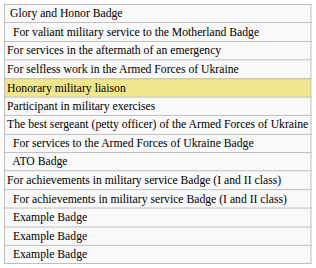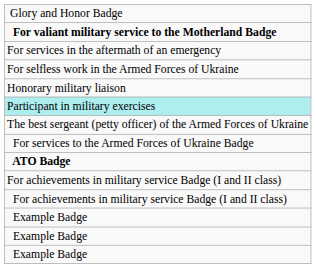 <table class="wikitable">
 <tr>
 <td> Glory and Honor Badge</td>
 </tr>
 <tr>
-<td>  For valiant military service to the Motherland Badge</td>
+<td><strong>  For valiant military service to the Motherland Badge</strong></td>
 </tr>
 <tr>
 <td>For services in the aftermath of an emergency</td>
 </tr>
 <tr>
 <td>For selfless work in the Armed Forces of Ukraine</td>
 </tr>
 <tr>
-<td style="background: khaki;">Honorary military liaison</td>
+<td>Honorary military liaison</td>
 </tr>
 <tr>
-<td>Participant in military exercises</td>
+<td style="background: paleturquoise;">Participant in military exercises</td>
 </tr>
 <tr>
 <td>The best sergeant (petty officer) of the Armed Forces of Ukraine</td>
 </tr>
 <tr>
 <td>  For services to the Armed Forces of Ukraine Badge</td>
 </tr>
 <tr>
-<td>  ATO Badge</td>
+<td><strong>  ATO Badge</strong></td>
 </tr>
 <tr>
 <td>  For achievements in military service Badge (I and II class)</td>
 </tr>
 <tr>
 <td>  For achievements in military service Badge (I and II class)</td>
 </tr>
 <tr>
 <td>  Example Badge</td>
 </tr>
 <tr>
 <td>  Example Badge</td>
 </tr>
 <tr>
 <td>  Example Badge</td>
 </tr>
 </table>
